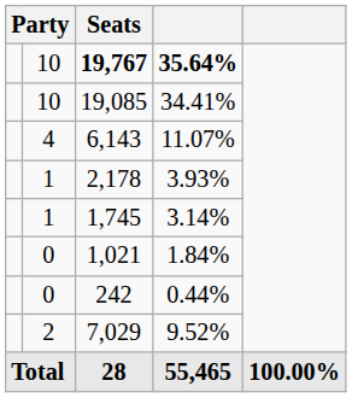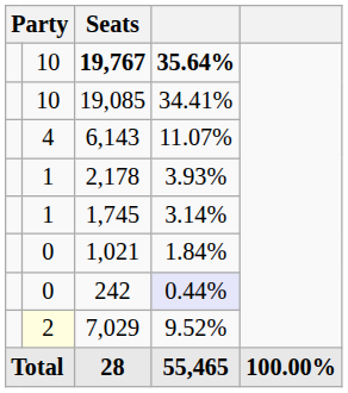 <table class=wikitable>
 <tr>
 <th colspan=2>Party</th>
 <th>Seats</th>
 <th></th>
 <th></th>
 </tr>
 <tr>
 <td></td>
 <td align="center">10</td>
 <td align="center"><strong>19,767</strong></td>
 <td align="center"><strong>35.64%</strong></td>
 </tr>
 <tr>
 <td></td>
 <td align="center">10</td>
 <td align="center">19,085</td>
 <td align="center">34.41%</td>
 </tr>
 <tr>
 <td></td>
 <td align="center">4</td>
 <td align="center">6,143</td>
 <td align="center">11.07%</td>
 </tr>
 <tr>
 <td></td>
 <td align="center">1</td>
 <td align="center">2,178</td>
 <td align="center">3.93%</td>
 </tr>
 <tr>
 <td></td>
 <td align="center">1</td>
 <td align="center">1,745</td>
 <td align="center">3.14%</td>
 </tr>
 <tr>
 <td></td>
 <td align="center">0</td>
 <td align="center">1,021</td>
 <td align="center">1.84%</td>
 </tr>
 <tr>
 <td></td>
 <td align="center">0</td>
 <td align="center">242</td>
-<td align="center">0.44%</td>
+<td align="center" style="background: lavender;">0.44%</td>
 </tr>
 <tr>
 <td></td>
-<td align="center">2</td>
+<td align="center" style="background: lightyellow;">2</td>
 <td align="center">7,029</td>
 <td align="center">9.52%</td>
 </tr>
 <tr style="font-weight:bold; background:rgb(232,232,232);">
 <td colspan=2>Total</td>
 <td align=center>28</td>
 <td align=center>55,465</td>
 <td align=center>100.00%</td>
 </tr>
 </table>
